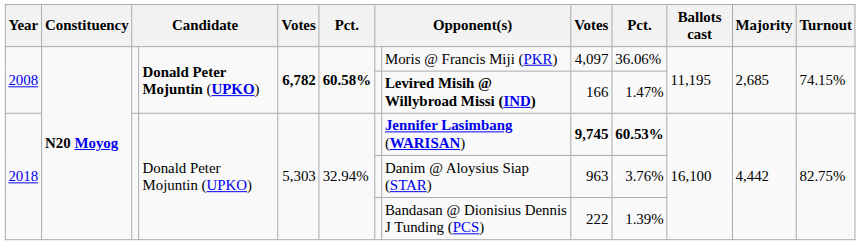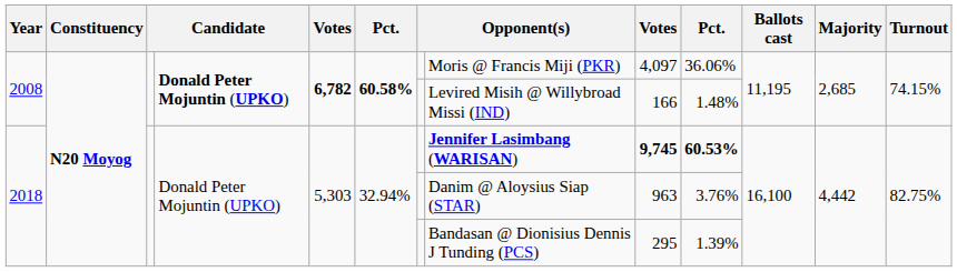 <table class="wikitable" style="margin:0.5em ; font-size:95%">
 <tr>
 <th>Year</th>
 <th>Constituency</th>
 <th colspan="2">Candidate</th>
 <th>Votes</th>
 <th>Pct.</th>
 <th colspan="2">Opponent(s)</th>
 <th>Votes</th>
 <th>Pct.</th>
 <th>Ballots cast</th>
 <th>Majority</th>
 <th>Turnout</th>
 </tr>
 <tr>
 <td rowspan="2"><a href='#'>2008</a></td>
 <td rowspan="5"><strong>N20 <a href='#'>Moyog</a></strong></td>
 <td rowspan="2" ></td>
 <td rowspan="2"><strong>Donald Peter Mojuntin</strong> (<a href='#'><strong>UPKO</strong></a>)</td>
 <td rowspan="2" align=right><strong>6,782</strong></td>
 <td rowspan="2"><strong>60.58%</strong></td>
 <td></td>
 <td>Moris @ Francis Miji (<a href='#'>PKR</a>)</td>
 <td align=right>4,097</td>
 <td>36.06%</td>
 <td rowspan="2">11,195</td>
 <td rowspan="2">2,685</td>
 <td rowspan="2">74.15%</td>
 </tr>
 <tr>
 <td></td>
-<td><strong>Levired Misih @ Willybroad Missi (<a href='#'>IND</a>)</strong></td>
+<td>Levired Misih @ Willybroad Missi (<a href='#'>IND</a>)</td>
 <td align=right>166</td>
-<td align=right>1.47%</td>
+<td align=right>1.48%</td>
 </tr>
 <tr>
 <td rowspan="3"><a href='#'>2018</a></td>
 <td rowspan="3" ></td>
 <td rowspan="3">Donald Peter Mojuntin (<a href='#'>UPKO</a>)</td>
 <td rowspan="3" align=right>5,303</td>
 <td rowspan="3">32.94%</td>
 <td></td>
 <td><strong><a href='#'>Jennifer Lasimbang</a></strong> (<a href='#'><strong>WARISAN</strong></a>)</td>
 <td align=right><strong>9,745</strong></td>
 <td><strong>60.53%</strong></td>
 <td rowspan="3">16,100</td>
 <td rowspan="3">4,442</td>
 <td rowspan="3">82.75%</td>
 </tr>
 <tr>
 <td bgcolor = ></td>
 <td>Danim @ Aloysius Siap (<a href='#'>STAR</a>)</td>
 <td align=right>963</td>
 <td align=right>3.76%</td>
 </tr>
 <tr>
 <td bgcolor= ></td>
 <td>Bandasan @ Dionisius Dennis J Tunding (<a href='#'>PCS</a>)</td>
-<td align=right>222</td>
+<td align=right>295</td>
 <td align=right>1.39%</td>
 </tr>
 </table>
